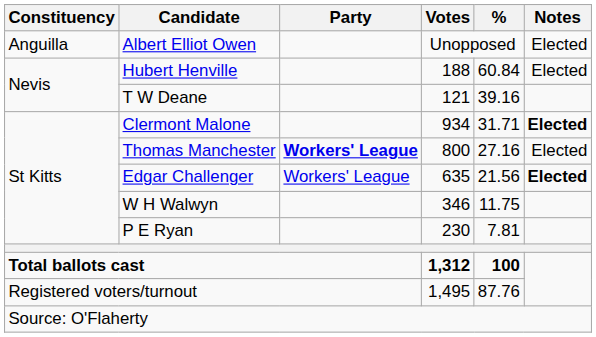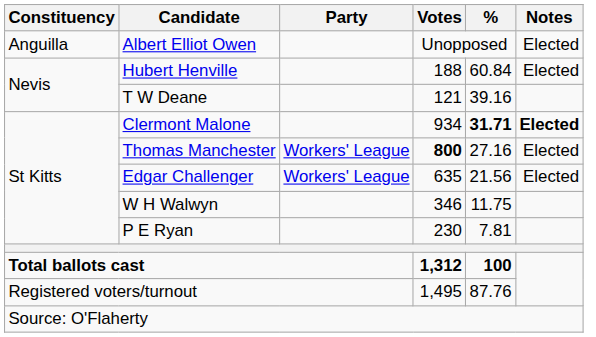 <table class=wikitable style=text-align:right>
 <tr>
 <th>Constituency</th>
 <th>Candidate</th>
 <th>Party</th>
 <th>Votes</th>
 <th>%</th>
 <th>Notes</th>
 </tr>
 <tr>
 <td align=left>Anguilla</td>
 <td align=left><a href='#'>Albert Elliot Owen</a></td>
 <td></td>
 <td colspan=2 align=center>Unopposed</td>
 <td>Elected</td>
 </tr>
 <tr>
 <td align=left rowspan=2>Nevis</td>
 <td align=left><a href='#'>Hubert Henville</a></td>
 <td></td>
 <td>188</td>
 <td>60.84</td>
 <td>Elected</td>
 </tr>
 <tr>
 <td align=left>T W Deane</td>
 <td></td>
 <td>121</td>
 <td>39.16</td>
 <td></td>
 </tr>
 <tr>
 <td align=left rowspan=5>St Kitts</td>
 <td align=left><a href='#'>Clermont Malone</a></td>
 <td></td>
 <td>934</td>
-<td>31.71</td>
+<td><strong>31.71</strong></td>
 <td><strong>Elected</strong></td>
 </tr>
 <tr>
 <td align=left><a href='#'>Thomas Manchester</a></td>
-<td align=left><strong><a href='#'>Workers' League</a></strong></td>
-<td>800</td>
+<td align=left><a href='#'>Workers' League</a></td>
+<td><strong>800</strong></td>
 <td>27.16</td>
 <td>Elected</td>
 </tr>
 <tr>
 <td align=left><a href='#'>Edgar Challenger</a></td>
 <td align=left><a href='#'>Workers' League</a></td>
 <td>635</td>
 <td>21.56</td>
-<td><strong>Elected</strong></td>
+<td>Elected</td>
 </tr>
 <tr>
 <td align=left>W H Walwyn</td>
 <td></td>
 <td>346</td>
 <td>11.75</td>
 <td></td>
 </tr>
 <tr>
 <td align=left>P E Ryan</td>
 <td></td>
 <td>230</td>
 <td>7.81</td>
 <td></td>
 </tr>
 <tr>
 <th colspan=6></th>
 </tr>
 <tr>
 <td align=left colspan=3><strong>Total ballots cast</strong></td>
 <td><strong>1,312</strong></td>
 <td><strong>100</strong></td>
 <td rowspan=2></td>
 </tr>
 <tr>
 <td align=left colspan=3>Registered voters/turnout</td>
 <td>1,495</td>
 <td>87.76</td>
 </tr>
 <tr>
 <td align=left colspan=6>Source: O'Flaherty</td>
 </tr>
 </table>
